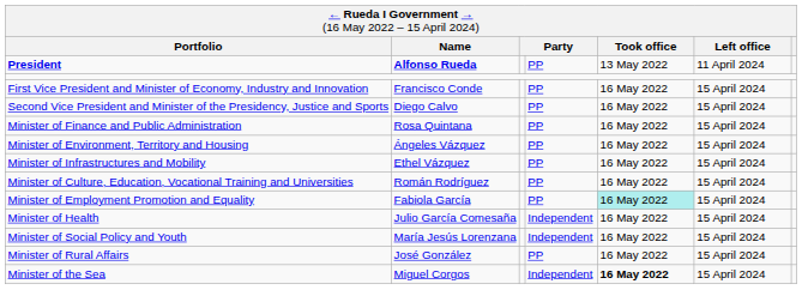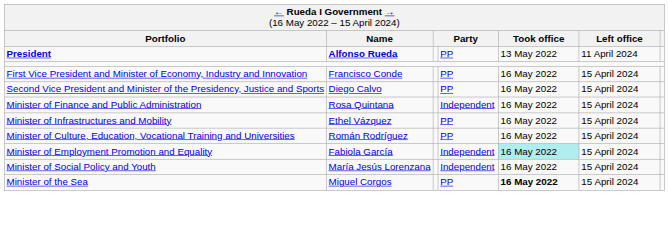 <table class="wikitable">
 <tr>
 <td colspan="7" bgcolor="#F2F2F2" align="center"><a href='#'>←</a> <strong>Rueda I Government</strong> <a href='#'>→</a><br>(16 May 2022 – 15 April 2024)</td>
 </tr>
 <tr>
 <th>Portfolio</th>
 <th>Name</th>
 <th width="100px" colspan="2">Party</th>
 <th width="125px">Took office</th>
 <th width="125px">Left office</th>
 <th></th>
 </tr>
 <tr>
 <td><strong><a href='#'>President</a></strong></td>
 <td><strong><a href='#'>Alfonso Rueda</a></strong></td>
 <td width="1" style="background-color:"></td>
 <td><a href='#'>PP</a></td>
 <td>13 May 2022</td>
 <td>11 April 2024</td>
 <td align="center"></td>
 </tr>
 <tr>
 <td colspan="7"></td>
 </tr>
 <tr>
 <td><a href='#'>First Vice President and Minister of Economy, Industry and Innovation</a></td>
 <td><a href='#'>Francisco Conde</a></td>
 <td style="background-color:"></td>
 <td><a href='#'>PP</a></td>
 <td>16 May 2022</td>
 <td>15 April 2024</td>
 <td align="center"></td>
 </tr>
 <tr>
 <td><a href='#'>Second Vice President and Minister of the Presidency, Justice and Sports</a></td>
 <td><a href='#'>Diego Calvo</a></td>
 <td style="background-color:"></td>
 <td><a href='#'>PP</a></td>
 <td>16 May 2022</td>
 <td>15 April 2024</td>
 <td align="center"></td>
 </tr>
 <tr>
 <td><a href='#'>Minister of Finance and Public Administration</a></td>
 <td><a href='#'>Rosa Quintana</a></td>
 <td style="background-color:"></td>
-<td><a href='#'>PP</a></td>
-<td>16 May 2022</td>
-<td>15 April 2024</td>
-<td align="center"></td>
-</tr>
-<tr>
-<td><a href='#'>Minister of Environment, Territory and Housing</a></td>
-<td><a href='#'>Ángeles Vázquez</a></td>
-<td style="background-color:"></td>
-<td><a href='#'>PP</a></td>
+<td><a href='#'>Independent</a></td>
 <td>16 May 2022</td>
 <td>15 April 2024</td>
 <td align="center"></td>
 </tr>
 <tr>
 <td><a href='#'>Minister of Infrastructures and Mobility</a></td>
 <td><a href='#'>Ethel Vázquez</a></td>
 <td style="background-color:"></td>
 <td><a href='#'>PP</a></td>
 <td>16 May 2022</td>
 <td>15 April 2024</td>
 <td align="center"></td>
 </tr>
 <tr>
 <td><a href='#'>Minister of Culture, Education, Vocational Training and Universities</a></td>
 <td><a href='#'>Román Rodríguez</a></td>
 <td style="background-color:"></td>
 <td><a href='#'>PP</a></td>
 <td>16 May 2022</td>
 <td>15 April 2024</td>
 <td align="center"></td>
 </tr>
 <tr>
 <td><a href='#'>Minister of Employment Promotion and Equality</a></td>
 <td><a href='#'>Fabiola García</a></td>
 <td style="background-color:"></td>
-<td><a href='#'>PP</a></td>
+<td><a href='#'>Independent</a></td>
 <td style="background: paleturquoise;">16 May 2022</td>
-<td>15 April 2024</td>
-<td align="center"></td>
-</tr>
-<tr>
-<td><a href='#'>Minister of Health</a></td>
-<td><a href='#'>Julio García Comesaña</a></td>
-<td style="background-color:"></td>
-<td><a href='#'>Independent</a></td>
-<td>16 May 2022</td>
 <td>15 April 2024</td>
 <td align="center"></td>
 </tr>
 <tr>
 <td><a href='#'>Minister of Social Policy and Youth</a></td>
 <td><a href='#'>María Jesús Lorenzana</a></td>
 <td style="background-color:"></td>
 <td><a href='#'>Independent</a></td>
 <td>16 May 2022</td>
 <td>15 April 2024</td>
 <td align="center"></td>
 </tr>
 <tr>
-<td><a href='#'>Minister of Rural Affairs</a></td>
-<td><a href='#'>José González</a></td>
-<td style="background-color:"></td>
-<td><a href='#'>PP</a></td>
-<td>16 May 2022</td>
-<td>15 April 2024</td>
-<td align="center"></td>
-</tr>
-<tr>
 <td><a href='#'>Minister of the Sea</a></td>
 <td><a href='#'>Miguel Corgos</a></td>
 <td style="background-color:"></td>
-<td><a href='#'>Independent</a></td>
+<td><a href='#'>PP</a></td>
 <td><strong>16 May 2022</strong></td>
 <td>15 April 2024</td>
 <td align="center"></td>
 </tr>
 </table>
